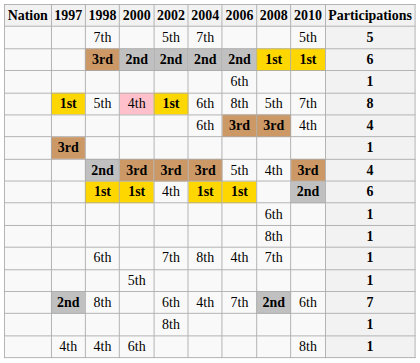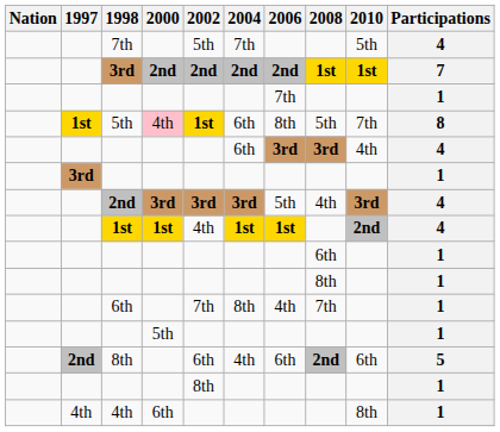 <table class="wikitable" style="text-align:center">
 <tr>
 <th>Nation</th>
 <th>1997</th>
 <th>1998</th>
 <th>2000</th>
 <th>2002</th>
 <th>2004</th>
 <th>2006</th>
 <th>2008</th>
 <th>2010</th>
 <th>Participations</th>
 </tr>
 <tr>
 <td align=left></td>
 <td></td>
 <td>7th</td>
 <td></td>
 <td>5th</td>
 <td>7th</td>
 <td></td>
 <td></td>
 <td>5th</td>
-<th>5</th>
+<th>4</th>
 </tr>
 <tr>
 <td align=left></td>
 <td></td>
 <td bgcolor=#cc9966><strong>3rd</strong></td>
 <td bgcolor=silver><strong>2nd</strong></td>
 <td bgcolor=silver><strong>2nd</strong></td>
 <td bgcolor=silver><strong>2nd</strong></td>
 <td bgcolor=silver><strong>2nd</strong></td>
 <td bgcolor=gold><strong>1st</strong></td>
 <td bgcolor=gold><strong>1st</strong></td>
-<th>6</th>
+<th>7</th>
 </tr>
 <tr>
 <td align=left></td>
 <td></td>
 <td></td>
 <td></td>
 <td></td>
 <td></td>
-<td>6th</td>
+<td>7th</td>
 <td></td>
 <td></td>
 <th>1</th>
 </tr>
 <tr>
 <td align=left></td>
 <td bgcolor=gold><strong>1st</strong></td>
 <td>5th</td>
 <td style="background: pink;">4th</td>
 <td bgcolor=gold><strong>1st</strong></td>
 <td>6th</td>
 <td>8th</td>
 <td>5th</td>
 <td>7th</td>
 <th>8</th>
 </tr>
 <tr>
 <td align=left></td>
 <td></td>
 <td></td>
 <td></td>
 <td></td>
 <td>6th</td>
 <td bgcolor=#cc9966><strong>3rd</strong></td>
 <td bgcolor=#cc9966><strong>3rd</strong></td>
 <td>4th</td>
 <th>4</th>
 </tr>
 <tr>
 <td align=left></td>
 <td bgcolor=#cc9966><strong>3rd</strong></td>
 <td></td>
 <td></td>
 <td></td>
 <td></td>
 <td></td>
 <td></td>
 <td></td>
 <th>1</th>
 </tr>
 <tr>
 <td align=left></td>
 <td></td>
 <td bgcolor=silver><strong>2nd</strong></td>
 <td bgcolor=#cc9966><strong>3rd</strong></td>
 <td bgcolor=#cc9966><strong>3rd</strong></td>
 <td bgcolor=#cc9966><strong>3rd</strong></td>
 <td>5th</td>
 <td>4th</td>
 <td bgcolor=#cc9966><strong>3rd</strong></td>
 <th>4</th>
 </tr>
 <tr>
 <td align=left></td>
 <td></td>
 <td bgcolor=gold><strong>1st</strong></td>
 <td bgcolor=gold><strong>1st</strong></td>
 <td>4th</td>
 <td bgcolor=gold><strong>1st</strong></td>
 <td bgcolor=gold><strong>1st</strong></td>
 <td></td>
 <td bgcolor=silver><strong>2nd</strong></td>
-<th>6</th>
+<th>4</th>
 </tr>
 <tr>
 <td align=left></td>
 <td></td>
 <td></td>
 <td></td>
 <td></td>
 <td></td>
 <td></td>
 <td>6th</td>
 <td></td>
 <th>1</th>
 </tr>
 <tr>
 <td align=left></td>
 <td></td>
 <td></td>
 <td></td>
 <td></td>
 <td></td>
 <td></td>
 <td>8th</td>
 <td></td>
 <th>1</th>
 </tr>
 <tr>
 <td align=left></td>
 <td></td>
 <td>6th</td>
 <td></td>
 <td>7th</td>
 <td>8th</td>
 <td>4th</td>
 <td>7th</td>
 <td></td>
 <th>1</th>
 </tr>
 <tr>
 <td align=left></td>
 <td></td>
 <td></td>
 <td>5th</td>
 <td></td>
 <td></td>
 <td></td>
 <td></td>
 <td></td>
 <th>1</th>
 </tr>
 <tr>
 <td align=left></td>
 <td bgcolor=silver><strong>2nd</strong></td>
 <td>8th</td>
 <td></td>
 <td>6th</td>
 <td>4th</td>
-<td>7th</td>
+<td>6th</td>
 <td bgcolor=silver><strong>2nd</strong></td>
 <td>6th</td>
-<th>7</th>
+<th>5</th>
 </tr>
 <tr>
 <td align=left></td>
 <td></td>
 <td></td>
 <td></td>
 <td>8th</td>
 <td></td>
 <td></td>
 <td></td>
 <td></td>
 <th>1</th>
 </tr>
 <tr>
 <td align=left></td>
 <td>4th</td>
 <td>4th</td>
 <td>6th</td>
 <td></td>
 <td></td>
 <td></td>
 <td></td>
 <td>8th</td>
 <th>1</th>
 </tr>
 </table>
